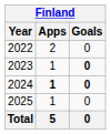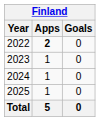 <table class=wikitable style=text-align:center>
 <tr>
 <th colspan=5><a href='#'>Finland</a></th>
 </tr>
 <tr>
 <th>Year</th>
 <th>Apps</th>
 <th>Goals</th>
 </tr>
 <tr>
 <td>2022</td>
-<td>2</td>
+<td><strong>2</strong></td>
 <td>0</td>
 </tr>
 <tr>
 <td>2023</td>
 <td>1</td>
-<td><strong>0</strong></td>
+<td>0</td>
 </tr>
 <tr>
 <td>2024</td>
-<td><strong>1</strong></td>
-<td><strong>0</strong></td>
+<td>1</td>
+<td>0</td>
 </tr>
 <tr>
 <td>2025</td>
 <td>1</td>
 <td>0</td>
 </tr>
 <tr>
 <th colspan=1>Total</th>
 <th>5</th>
 <th>0</th>
 </tr>
 </table>
